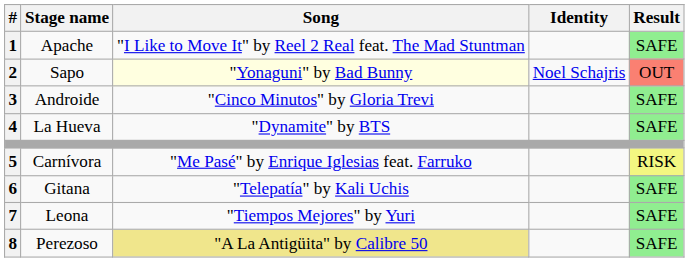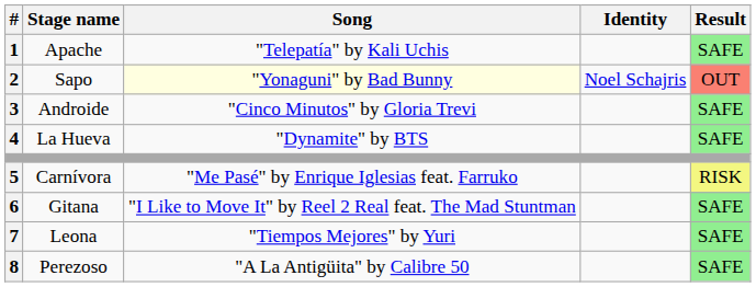 <table class="wikitable plainrowheaders" style="text-align: center;">
 <tr>
 <th>#</th>
 <th>Stage name</th>
 <th>Song</th>
 <th>Identity</th>
 <th>Result</th>
 </tr>
 <tr>
 <th>1</th>
 <td>Apache</td>
-<td>"<a href='#'>I Like to Move It</a>" by <a href='#'>Reel 2 Real</a> feat. <a href='#'>The Mad Stuntman</a></td>
+<td>"<a href='#'>Telepatía</a>" by <a href='#'>Kali Uchis</a></td>
 <td></td>
 <td bgcolor=lightgreen>SAFE</td>
 </tr>
 <tr>
 <th>2</th>
 <td>Sapo</td>
 <td style="background: lightyellow;">"<a href='#'>Yonaguni</a>" by <a href='#'>Bad Bunny</a></td>
 <td><a href='#'>Noel Schajris</a></td>
 <td bgcolor=salmon>OUT</td>
 </tr>
 <tr>
 <th>3</th>
 <td>Androide</td>
 <td>"<a href='#'>Cinco Minutos</a>" by <a href='#'>Gloria Trevi</a></td>
 <td></td>
 <td bgcolor=lightgreen>SAFE</td>
 </tr>
 <tr>
 <th>4</th>
 <td>La Hueva</td>
 <td>"<a href='#'>Dynamite</a>" by <a href='#'>BTS</a></td>
 <td></td>
 <td bgcolor=lightgreen>SAFE</td>
 </tr>
 <tr>
 <td colspan="5" style="background:darkgray"></td>
 </tr>
 <tr>
 <th>5</th>
 <td>Carnívora</td>
 <td>"<a href='#'>Me Pasé</a>" by <a href='#'>Enrique Iglesias</a> feat. <a href='#'>Farruko</a></td>
 <td></td>
 <td bgcolor=#F3F781>RISK</td>
 </tr>
 <tr>
 <th>6</th>
 <td>Gitana</td>
-<td>"<a href='#'>Telepatía</a>" by <a href='#'>Kali Uchis</a></td>
+<td>"<a href='#'>I Like to Move It</a>" by <a href='#'>Reel 2 Real</a> feat. <a href='#'>The Mad Stuntman</a></td>
 <td></td>
 <td bgcolor=lightgreen>SAFE</td>
 </tr>
 <tr>
 <th>7</th>
 <td>Leona</td>
 <td>"<a href='#'>Tiempos Mejores</a>" by <a href='#'>Yuri</a></td>
 <td></td>
 <td bgcolor=lightgreen>SAFE</td>
 </tr>
 <tr>
 <th>8</th>
 <td>Perezoso</td>
-<td style="background: khaki;">"A La Antigüita" by <a href='#'>Calibre 50</a></td>
+<td>"A La Antigüita" by <a href='#'>Calibre 50</a></td>
 <td></td>
 <td bgcolor=lightgreen>SAFE</td>
 </tr>
 </table>
